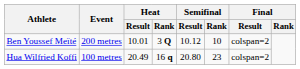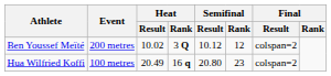 <table class="wikitable" style="font-size:90%">
 <tr>
 <th rowspan="2">Athlete</th>
 <th rowspan="2">Event</th>
 <th colspan="2">Heat</th>
 <th colspan="2">Semifinal</th>
 <th colspan="2">Final</th>
 </tr>
 <tr style="font-size:95%">
 <th>Result</th>
 <th>Rank</th>
 <th>Result</th>
 <th>Rank</th>
 <th>Result</th>
 <th>Rank</th>
 </tr>
 <tr style=text-align:center>
 <td style=text-align:left><a href='#'>Ben Youssef Meïté</a></td>
 <td style=text-align:left><a href='#'>200 metres</a></td>
-<td>10.01</td>
+<td>10.02</td>
 <td>3 <strong>Q</strong></td>
 <td>10.12</td>
-<td>10</td>
+<td>12</td>
 <td>colspan=2 </td>
 </tr>
 <tr style=text-align:center>
 <td style=text-align:left><a href='#'>Hua Wilfried Koffi</a></td>
 <td style=text-align:left><a href='#'>100 metres</a></td>
 <td>20.49</td>
 <td>16 <strong>q</strong></td>
 <td>20.80</td>
 <td>23</td>
 <td>colspan=2 </td>
 </tr>
 </table>
